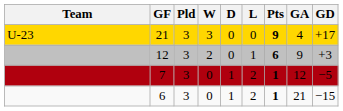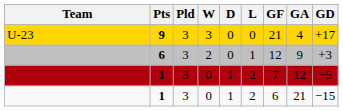 <table class=wikitable style="text-align:center">
 <tr>
 <th width=175>Team</th>
-<th width=20>GF</th>
+<th width=20>Pts</th>
 <th width=20>Pld</th>
 <th width=20>W</th>
 <th width=20>D</th>
 <th width=20>L</th>
-<th width=20>Pts</th>
+<th width=20>GF</th>
 <th width=20>GA</th>
 <th width=20>GD</th>
 </tr>
 <tr bgcolor=gold>
 <td style="text-align:left;"> U-23</td>
-<td>21</td>
+<td><strong>9</strong></td>
 <td>3</td>
 <td>3</td>
 <td>0</td>
 <td>0</td>
-<td><strong>9</strong></td>
+<td>21</td>
 <td>4</td>
 <td>+17</td>
 </tr>
 <tr bgcolor=silver>
 <td style="text-align:left;"></td>
-<td>12</td>
+<td><strong>6</strong></td>
 <td>3</td>
 <td>2</td>
 <td>0</td>
 <td>1</td>
-<td><strong>6</strong></td>
+<td>12</td>
 <td>9</td>
 <td>+3</td>
 </tr>
 <tr bgcolor=bronze>
 <td style="text-align:left;"></td>
-<td>7</td>
+<td><strong>1</strong></td>
 <td>3</td>
 <td>0</td>
 <td>1</td>
 <td>2</td>
-<td><strong>1</strong></td>
+<td>7</td>
 <td>12</td>
 <td>−5</td>
 </tr>
 <tr>
 <td style="text-align:left;"></td>
-<td>6</td>
+<td><strong>1</strong></td>
 <td>3</td>
 <td>0</td>
 <td>1</td>
 <td>2</td>
-<td><strong>1</strong></td>
+<td>6</td>
 <td>21</td>
 <td>−15</td>
 </tr>
 </table>
